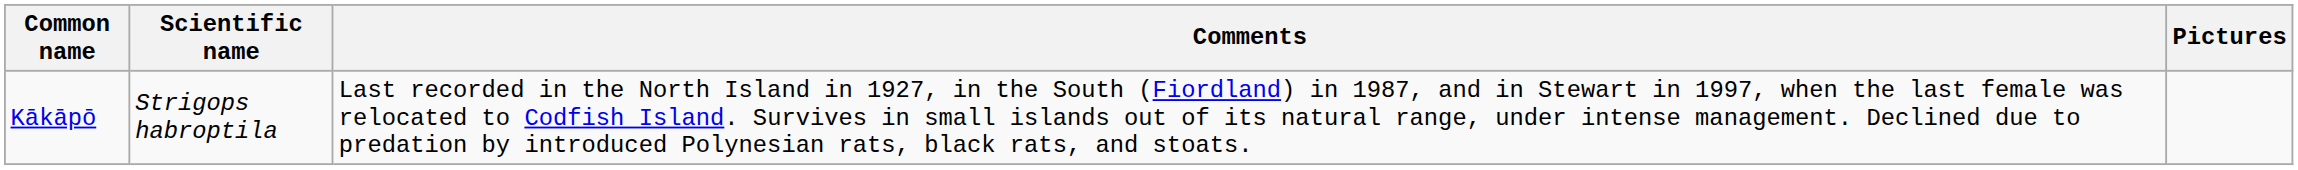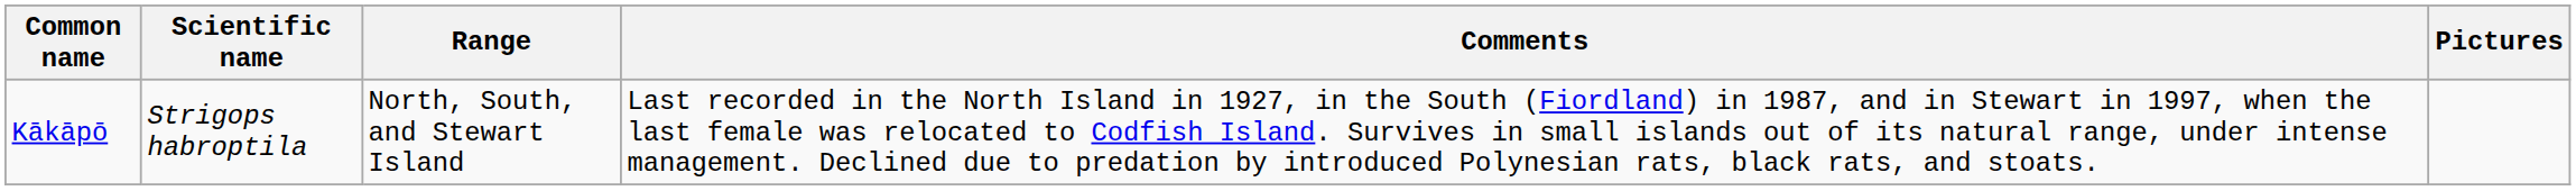 <table class="wikitable">
 <tr>
 <th>Common name</th>
 <th>Scientific name</th>
+<th>Range</th>
 <th class="unsortable">Comments</th>
 <th>Pictures</th>
 </tr>
 <tr>
 <td><a href='#'>Kākāpō</a></td>
 <td><em>Strigops habroptila</em></td>
+<td>North, South, and Stewart Island</td>
 <td>Last recorded in the North Island in 1927, in the South (<a href='#'>Fiordland</a>) in 1987, and in Stewart in 1997, when the last female was relocated to <a href='#'>Codfish Island</a>. Survives in small islands out of its natural range, under intense management. Declined due to predation by introduced Polynesian rats, black rats, and stoats.</td>
 <td></td>
 </tr>
 </table>
